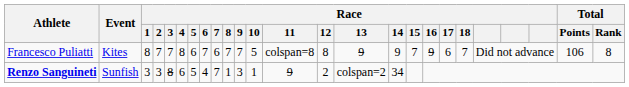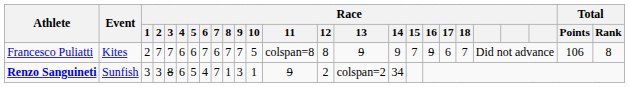 <table class=wikitable style=font-size:90%;text-align:center>
 <tr>
 <th rowspan=2>Athlete</th>
 <th rowspan=2>Event</th>
 <th colspan=21>Race</th>
 <th colspan=2>Total</th>
 </tr>
 <tr style=font-size:95%>
 <th>1</th>
 <th>2</th>
 <th>3</th>
 <th>4</th>
 <th>5</th>
 <th>6</th>
 <th>7</th>
 <th>8</th>
 <th>9</th>
 <th>10</th>
 <th>11</th>
 <th>12</th>
 <th>13</th>
 <th>14</th>
 <th>15</th>
 <th>16</th>
 <th>17</th>
 <th>18</th>
 <th></th>
 <th></th>
 <th></th>
 <th>Points</th>
 <th>Rank</th>
 </tr>
 <tr>
 <td align=left><a href='#'>Francesco Puliatti</a></td>
 <td align=left><a href='#'>Kites</a></td>
-<td>8</td>
+<td>2</td>
 <td>7</td>
 <td>7</td>
-<td>8</td>
+<td>6</td>
 <td>6</td>
 <td>7</td>
 <td>6</td>
 <td>7</td>
 <td>7</td>
 <td>5</td>
 <td>colspan=8 </td>
 <td>8</td>
 <td><s>9</s></td>
 <td>9</td>
 <td>7</td>
 <td><s>9</s></td>
 <td>6</td>
 <td>7</td>
 <td colspan=3>Did not advance</td>
 <td>106</td>
 <td>8</td>
 </tr>
 <tr>
 <td align=left><strong><a href='#'>Renzo Sanguineti</a></strong></td>
 <td align=left><a href='#'>Sunfish</a></td>
 <td>3</td>
 <td>3</td>
 <td><s>8</s></td>
 <td>6</td>
 <td>5</td>
 <td>4</td>
 <td>7</td>
 <td>1</td>
 <td>3</td>
 <td>1</td>
 <td><s>9</s></td>
 <td>2</td>
 <td>colspan=2 </td>
 <td>34</td>
 <td></td>
 </tr>
 </table>
